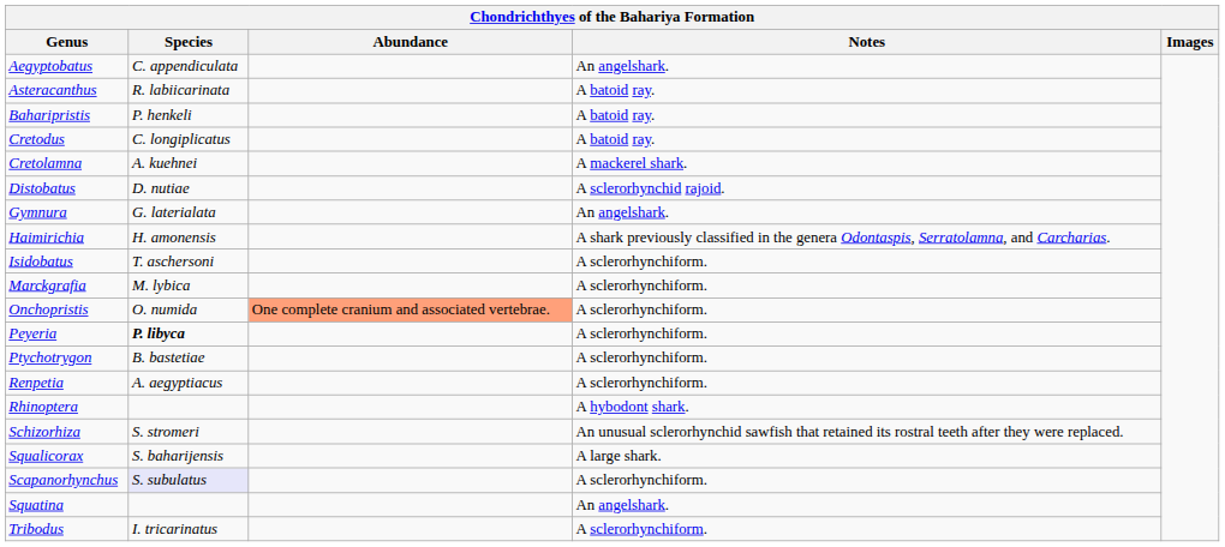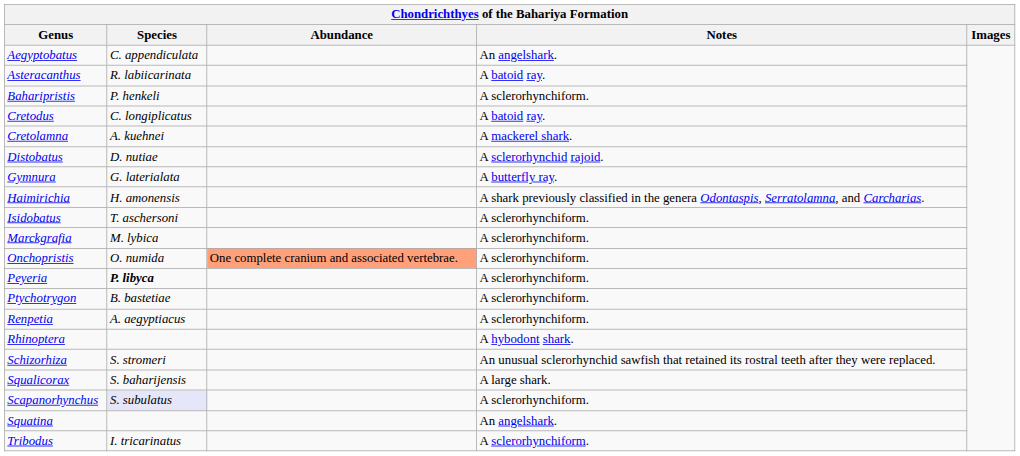 <table class="wikitable" align="center" width="100%">
 <tr>
 <th colspan="5" align="center"><strong><a href='#'>Chondrichthyes</a> of the Bahariya Formation</strong></th>
 </tr>
 <tr>
 <th>Genus</th>
 <th>Species</th>
 <th>Abundance</th>
 <th>Notes</th>
 <th>Images</th>
 </tr>
 <tr>
 <td><em><a href='#'>Aegyptobatus</a></em></td>
 <td><em>C. appendiculata</em></td>
 <td></td>
 <td>An <a href='#'>angelshark</a>.</td>
 <td rowspan="20"><br><br><br><br><br>  </td>
 </tr>
 <tr>
 <td><em><a href='#'>Asteracanthus</a></em></td>
 <td><em>R. labiicarinata</em></td>
 <td></td>
 <td>A <a href='#'>batoid</a> <a href='#'>ray</a>.</td>
 </tr>
 <tr>
 <td><em><a href='#'>Baharipristis</a></em></td>
 <td><em>P. henkeli</em></td>
 <td></td>
-<td>A <a href='#'>batoid</a> <a href='#'>ray</a>.</td>
+<td>A sclerorhynchiform.</td>
 </tr>
 <tr>
 <td><em><a href='#'>Cretodus</a></em></td>
 <td><em>C. longiplicatus</em></td>
 <td></td>
 <td>A <a href='#'>batoid</a> <a href='#'>ray</a>.</td>
 </tr>
 <tr>
 <td><em><a href='#'>Cretolamna</a></em></td>
 <td><em>A. kuehnei</em></td>
 <td></td>
 <td>A <a href='#'>mackerel shark</a>.</td>
 </tr>
 <tr>
 <td><em><a href='#'>Distobatus</a></em></td>
 <td><em>D. nutiae</em></td>
 <td></td>
 <td>A <a href='#'>sclerorhynchid</a> <a href='#'>rajoid</a>.</td>
 </tr>
 <tr>
 <td><em><a href='#'>Gymnura</a></em></td>
 <td><em>G. laterialata</em></td>
 <td></td>
-<td>An <a href='#'>angelshark</a>.</td>
+<td>A <a href='#'>butterfly ray</a>.</td>
 </tr>
 <tr>
 <td><em><a href='#'>Haimirichia</a></em></td>
 <td><em>H. amonensis</em></td>
 <td></td>
 <td>A shark previously classified in the genera <em><a href='#'>Odontaspis</a></em>, <em><a href='#'>Serratolamna</a></em>, and <em><a href='#'>Carcharias</a></em>.</td>
 </tr>
 <tr>
 <td><em><a href='#'>Isidobatus</a></em></td>
 <td><em>T. aschersoni</em></td>
 <td></td>
 <td>A sclerorhynchiform.</td>
 </tr>
 <tr>
 <td><em><a href='#'>Marckgrafia</a></em></td>
 <td><em>M. lybica</em></td>
 <td></td>
 <td>A sclerorhynchiform.</td>
 </tr>
 <tr>
 <td><em><a href='#'>Onchopristis</a></em></td>
 <td><em>O. numida</em></td>
 <td style="background: lightsalmon;">One complete cranium and associated vertebrae.</td>
 <td>A sclerorhynchiform.</td>
 </tr>
 <tr>
 <td><em><a href='#'>Peyeria</a></em></td>
 <td><strong><em>P. libyca</em></strong></td>
 <td></td>
 <td>A sclerorhynchiform.</td>
 </tr>
 <tr>
 <td><em><a href='#'>Ptychotrygon</a></em></td>
 <td><em>B. bastetiae</em></td>
 <td></td>
 <td>A sclerorhynchiform.</td>
 </tr>
 <tr>
 <td><em><a href='#'>Renpetia</a></em></td>
 <td><em>A. aegyptiacus</em></td>
 <td></td>
 <td>A sclerorhynchiform.</td>
 </tr>
 <tr>
 <td><em><a href='#'>Rhinoptera</a></em></td>
 <td></td>
 <td></td>
 <td>A <a href='#'>hybodont</a> <a href='#'>shark</a>.</td>
 </tr>
 <tr>
 <td><em><a href='#'>Schizorhiza</a></em></td>
 <td><em>S. stromeri</em></td>
 <td></td>
 <td>An unusual sclerorhynchid sawfish that retained its rostral teeth after they were replaced.</td>
 </tr>
 <tr>
 <td><em><a href='#'>Squalicorax</a></em></td>
 <td><em>S. baharijensis</em></td>
 <td></td>
 <td>A large shark.</td>
 </tr>
 <tr>
 <td><em><a href='#'>Scapanorhynchus</a></em></td>
 <td style="background: lavender;"><em>S. subulatus</em></td>
 <td></td>
 <td>A sclerorhynchiform.</td>
 </tr>
 <tr>
 <td><em><a href='#'>Squatina</a></em></td>
 <td></td>
 <td></td>
 <td>An <a href='#'>angelshark</a>.</td>
 </tr>
 <tr>
 <td><em><a href='#'>Tribodus</a></em></td>
 <td><em>I. tricarinatus</em></td>
 <td></td>
 <td>A <a href='#'>sclerorhynchiform</a>.</td>
 </tr>
 </table>
